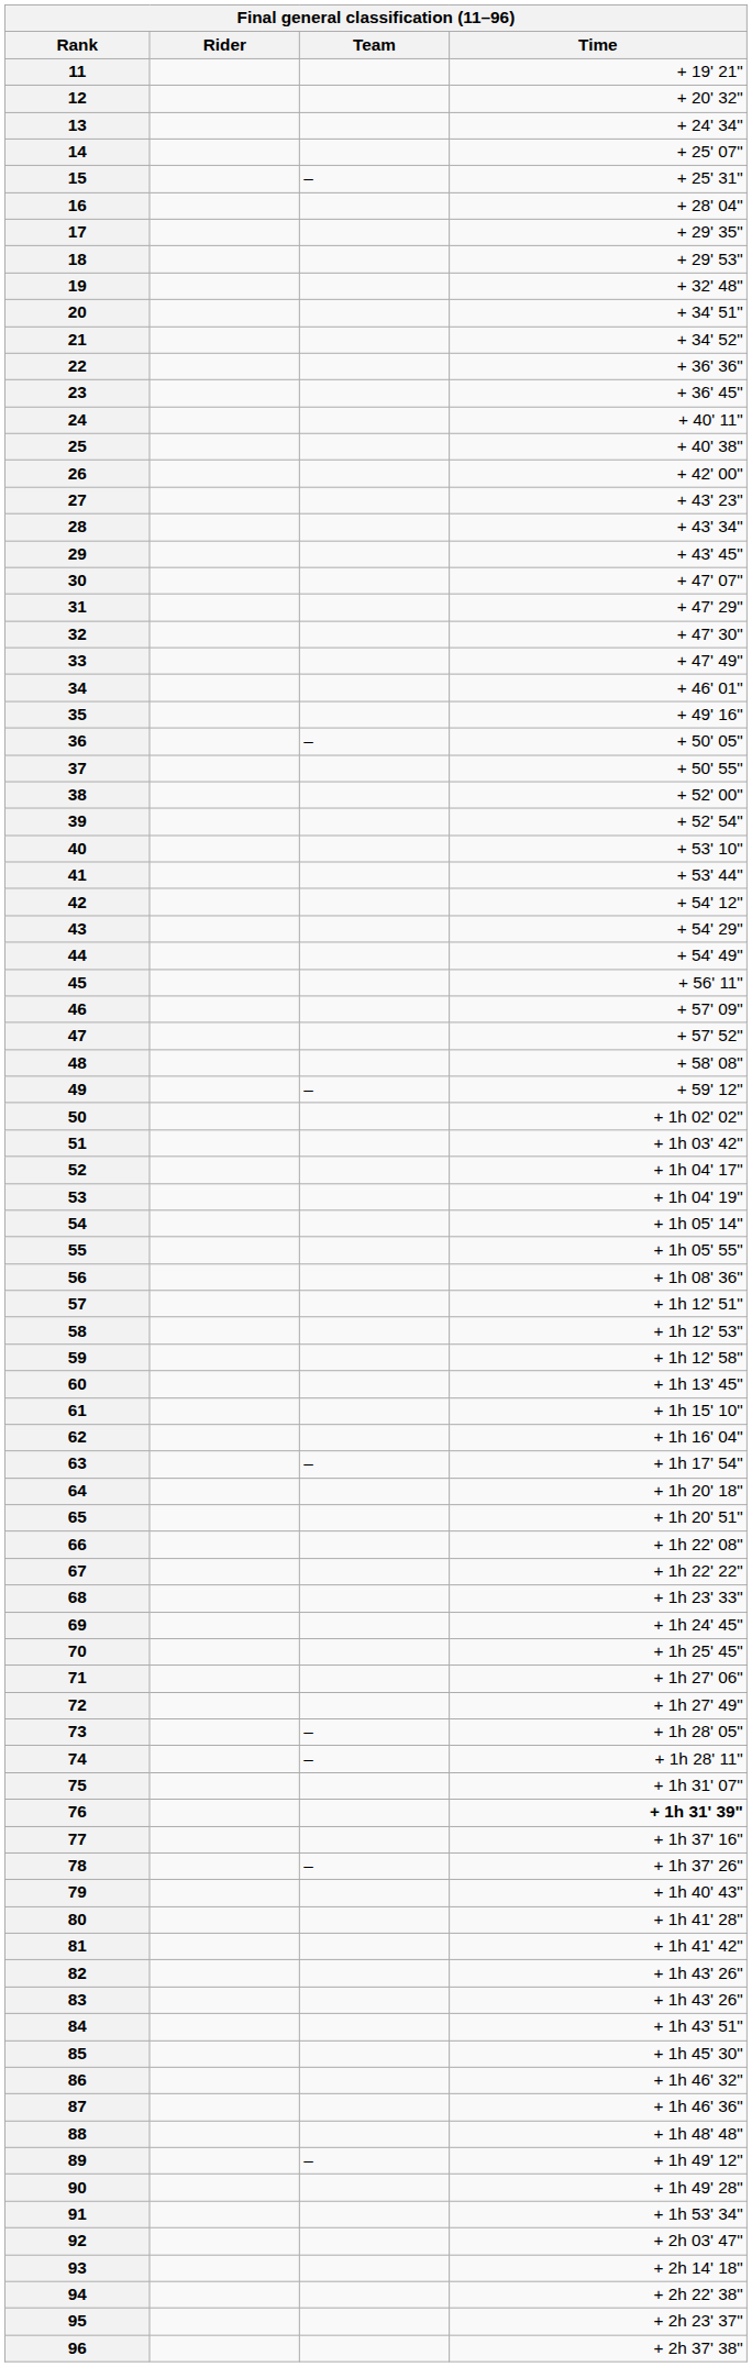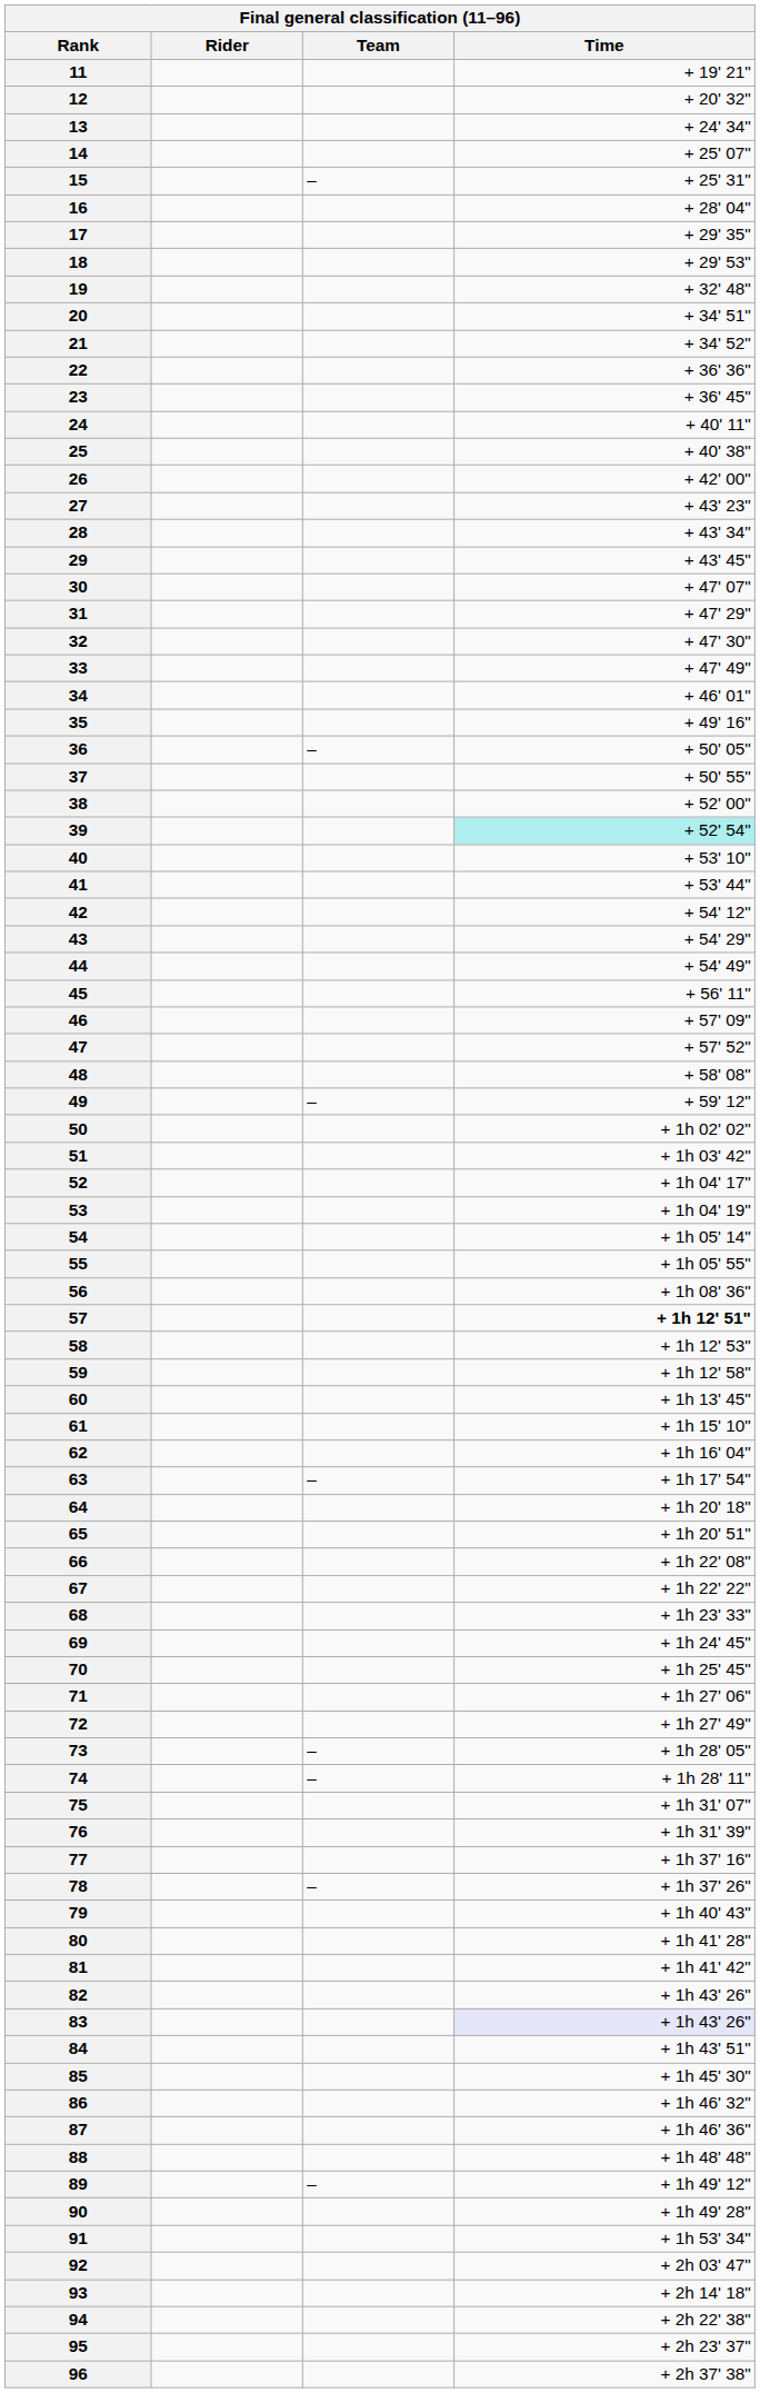 <table class="collapsible collapsed wikitable" style="width:44em;margin-top:-1px;">
 <tr>
 <th scope="col" colspan="4">Final general classification (11–96)</th>
 </tr>
 <tr>
 <th scope="col">Rank</th>
 <th scope="col">Rider</th>
 <th scope="col">Team</th>
 <th scope="col">Time</th>
 </tr>
 <tr>
 <th scope="row">11</th>
 <td></td>
 <td></td>
 <td style="text-align:right;">+ 19' 21"</td>
 </tr>
 <tr>
 <th scope="row">12</th>
 <td></td>
 <td></td>
 <td style="text-align:right;">+ 20' 32"</td>
 </tr>
 <tr>
 <th scope="row">13</th>
 <td></td>
 <td></td>
 <td style="text-align:right;">+ 24' 34"</td>
 </tr>
 <tr>
 <th scope="row">14</th>
 <td></td>
 <td></td>
 <td style="text-align:right;">+ 25' 07"</td>
 </tr>
 <tr>
 <th scope="row">15</th>
 <td></td>
 <td>–</td>
 <td style="text-align:right;">+ 25' 31"</td>
 </tr>
 <tr>
 <th scope="row">16</th>
 <td></td>
 <td></td>
 <td style="text-align:right;">+ 28' 04"</td>
 </tr>
 <tr>
 <th scope="row">17</th>
 <td></td>
 <td></td>
 <td style="text-align:right;">+ 29' 35"</td>
 </tr>
 <tr>
 <th scope="row">18</th>
 <td></td>
 <td></td>
 <td style="text-align:right;">+ 29' 53"</td>
 </tr>
 <tr>
 <th scope="row">19</th>
 <td></td>
 <td></td>
 <td style="text-align:right;">+ 32' 48"</td>
 </tr>
 <tr>
 <th scope="row">20</th>
 <td></td>
 <td></td>
 <td style="text-align:right;">+ 34' 51"</td>
 </tr>
 <tr>
 <th scope="row">21</th>
 <td></td>
 <td></td>
 <td style="text-align:right;">+ 34' 52"</td>
 </tr>
 <tr>
 <th scope="row">22</th>
 <td></td>
 <td></td>
 <td style="text-align:right;">+ 36' 36"</td>
 </tr>
 <tr>
 <th scope="row">23</th>
 <td></td>
 <td></td>
 <td style="text-align:right;">+ 36' 45"</td>
 </tr>
 <tr>
 <th scope="row">24</th>
 <td></td>
 <td></td>
 <td style="text-align:right;">+ 40' 11"</td>
 </tr>
 <tr>
 <th scope="row">25</th>
 <td></td>
 <td></td>
 <td style="text-align:right;">+ 40' 38"</td>
 </tr>
 <tr>
 <th scope="row">26</th>
 <td></td>
 <td></td>
 <td style="text-align:right;">+ 42' 00"</td>
 </tr>
 <tr>
 <th scope="row">27</th>
 <td></td>
 <td></td>
 <td style="text-align:right;">+ 43' 23"</td>
 </tr>
 <tr>
 <th scope="row">28</th>
 <td></td>
 <td></td>
 <td style="text-align:right;">+ 43' 34"</td>
 </tr>
 <tr>
 <th scope="row">29</th>
 <td></td>
 <td></td>
 <td style="text-align:right;">+ 43' 45"</td>
 </tr>
 <tr>
 <th scope="row">30</th>
 <td></td>
 <td></td>
 <td style="text-align:right;">+ 47' 07"</td>
 </tr>
 <tr>
 <th scope="row">31</th>
 <td></td>
 <td></td>
 <td style="text-align:right;">+ 47' 29"</td>
 </tr>
 <tr>
 <th scope="row">32</th>
 <td></td>
 <td></td>
 <td style="text-align:right;">+ 47' 30"</td>
 </tr>
 <tr>
 <th scope="row">33</th>
 <td></td>
 <td></td>
 <td style="text-align:right;">+ 47' 49"</td>
 </tr>
 <tr>
 <th scope="row">34</th>
 <td></td>
 <td></td>
 <td style="text-align:right;">+ 46' 01"</td>
 </tr>
 <tr>
 <th scope="row">35</th>
 <td></td>
 <td></td>
 <td style="text-align:right;">+ 49' 16"</td>
 </tr>
 <tr>
 <th scope="row">36</th>
 <td></td>
 <td>–</td>
 <td style="text-align:right;">+ 50' 05"</td>
 </tr>
 <tr>
 <th scope="row">37</th>
 <td></td>
 <td></td>
 <td style="text-align:right;">+ 50' 55"</td>
 </tr>
 <tr>
 <th scope="row">38</th>
 <td></td>
 <td></td>
 <td style="text-align:right;">+ 52' 00"</td>
 </tr>
 <tr>
 <th scope="row">39</th>
 <td></td>
 <td></td>
-<td style="text-align:right;">+ 52' 54"</td>
+<td style="background: paleturquoise; text-align:right;">+ 52' 54"</td>
 </tr>
 <tr>
 <th scope="row">40</th>
 <td></td>
 <td></td>
 <td style="text-align:right;">+ 53' 10"</td>
 </tr>
 <tr>
 <th scope="row">41</th>
 <td></td>
 <td></td>
 <td style="text-align:right;">+ 53' 44"</td>
 </tr>
 <tr>
 <th scope="row">42</th>
 <td></td>
 <td></td>
 <td style="text-align:right;">+ 54' 12"</td>
 </tr>
 <tr>
 <th scope="row">43</th>
 <td></td>
 <td></td>
 <td style="text-align:right;">+ 54' 29"</td>
 </tr>
 <tr>
 <th scope="row">44</th>
 <td></td>
 <td></td>
 <td style="text-align:right;">+ 54' 49"</td>
 </tr>
 <tr>
 <th scope="row">45</th>
 <td></td>
 <td></td>
 <td style="text-align:right;">+ 56' 11"</td>
 </tr>
 <tr>
 <th scope="row">46</th>
 <td></td>
 <td></td>
 <td style="text-align:right;">+ 57' 09"</td>
 </tr>
 <tr>
 <th scope="row">47</th>
 <td></td>
 <td></td>
 <td style="text-align:right;">+ 57' 52"</td>
 </tr>
 <tr>
 <th scope="row">48</th>
 <td></td>
 <td></td>
 <td style="text-align:right;">+ 58' 08"</td>
 </tr>
 <tr>
 <th scope="row">49</th>
 <td></td>
 <td>–</td>
 <td style="text-align:right;">+ 59' 12"</td>
 </tr>
 <tr>
 <th scope="row">50</th>
 <td></td>
 <td></td>
 <td style="text-align:right;">+ 1h 02' 02"</td>
 </tr>
 <tr>
 <th scope="row">51</th>
 <td></td>
 <td></td>
 <td style="text-align:right;">+ 1h 03' 42"</td>
 </tr>
 <tr>
 <th scope="row">52</th>
 <td></td>
 <td></td>
 <td style="text-align:right;">+ 1h 04' 17"</td>
 </tr>
 <tr>
 <th scope="row">53</th>
 <td></td>
 <td></td>
 <td style="text-align:right;">+ 1h 04' 19"</td>
 </tr>
 <tr>
 <th scope="row">54</th>
 <td></td>
 <td></td>
 <td style="text-align:right;">+ 1h 05' 14"</td>
 </tr>
 <tr>
 <th scope="row">55</th>
 <td></td>
 <td></td>
 <td style="text-align:right;">+ 1h 05' 55"</td>
 </tr>
 <tr>
 <th scope="row">56</th>
 <td></td>
 <td></td>
 <td style="text-align:right;">+ 1h 08' 36"</td>
 </tr>
 <tr>
 <th scope="row">57</th>
 <td></td>
 <td></td>
-<td style="text-align:right;">+ 1h 12' 51"</td>
+<td style="text-align:right;"><strong>+ 1h 12' 51"</strong></td>
 </tr>
 <tr>
 <th scope="row">58</th>
 <td></td>
 <td></td>
 <td style="text-align:right;">+ 1h 12' 53"</td>
 </tr>
 <tr>
 <th scope="row">59</th>
 <td></td>
 <td></td>
 <td style="text-align:right;">+ 1h 12' 58"</td>
 </tr>
 <tr>
 <th scope="row">60</th>
 <td></td>
 <td></td>
 <td style="text-align:right;">+ 1h 13' 45"</td>
 </tr>
 <tr>
 <th scope="row">61</th>
 <td></td>
 <td></td>
 <td style="text-align:right;">+ 1h 15' 10"</td>
 </tr>
 <tr>
 <th scope="row">62</th>
 <td></td>
 <td></td>
 <td style="text-align:right;">+ 1h 16' 04"</td>
 </tr>
 <tr>
 <th scope="row">63</th>
 <td></td>
 <td>–</td>
 <td style="text-align:right;">+ 1h 17' 54"</td>
 </tr>
 <tr>
 <th scope="row">64</th>
 <td></td>
 <td></td>
 <td style="text-align:right;">+ 1h 20' 18"</td>
 </tr>
 <tr>
 <th scope="row">65</th>
 <td></td>
 <td></td>
 <td style="text-align:right;">+ 1h 20' 51"</td>
 </tr>
 <tr>
 <th scope="row">66</th>
 <td></td>
 <td></td>
 <td style="text-align:right;">+ 1h 22' 08"</td>
 </tr>
 <tr>
 <th scope="row">67</th>
 <td></td>
 <td></td>
 <td style="text-align:right;">+ 1h 22' 22"</td>
 </tr>
 <tr>
 <th scope="row">68</th>
 <td></td>
 <td></td>
 <td style="text-align:right;">+ 1h 23' 33"</td>
 </tr>
 <tr>
 <th scope="row">69</th>
 <td></td>
 <td></td>
 <td style="text-align:right;">+ 1h 24' 45"</td>
 </tr>
 <tr>
 <th scope="row">70</th>
 <td></td>
 <td></td>
 <td style="text-align:right;">+ 1h 25' 45"</td>
 </tr>
 <tr>
 <th scope="row">71</th>
 <td></td>
 <td></td>
 <td style="text-align:right;">+ 1h 27' 06"</td>
 </tr>
 <tr>
 <th scope="row">72</th>
 <td></td>
 <td></td>
 <td style="text-align:right;">+ 1h 27' 49"</td>
 </tr>
 <tr>
 <th scope="row">73</th>
 <td></td>
 <td>–</td>
 <td style="text-align:right;">+ 1h 28' 05"</td>
 </tr>
 <tr>
 <th scope="row">74</th>
 <td></td>
 <td>–</td>
 <td style="text-align:right;">+ 1h 28' 11"</td>
 </tr>
 <tr>
 <th scope="row">75</th>
 <td></td>
 <td></td>
 <td style="text-align:right;">+ 1h 31' 07"</td>
 </tr>
 <tr>
 <th scope="row">76</th>
 <td></td>
 <td></td>
-<td style="text-align:right;"><strong>+ 1h 31' 39"</strong></td>
+<td style="text-align:right;">+ 1h 31' 39"</td>
 </tr>
 <tr>
 <th scope="row">77</th>
 <td></td>
 <td></td>
 <td style="text-align:right;">+ 1h 37' 16"</td>
 </tr>
 <tr>
 <th scope="row">78</th>
 <td></td>
 <td>–</td>
 <td style="text-align:right;">+ 1h 37' 26"</td>
 </tr>
 <tr>
 <th scope="row">79</th>
 <td></td>
 <td></td>
 <td style="text-align:right;">+ 1h 40' 43"</td>
 </tr>
 <tr>
 <th scope="row">80</th>
 <td></td>
 <td></td>
 <td style="text-align:right;">+ 1h 41' 28"</td>
 </tr>
 <tr>
 <th scope="row">81</th>
 <td></td>
 <td></td>
 <td style="text-align:right;">+ 1h 41' 42"</td>
 </tr>
 <tr>
 <th scope="row">82</th>
 <td></td>
 <td></td>
 <td style="text-align:right;">+ 1h 43' 26"</td>
 </tr>
 <tr>
 <th scope="row">83</th>
 <td></td>
 <td></td>
-<td style="text-align:right;">+ 1h 43' 26"</td>
+<td style="background: lavender; text-align:right;">+ 1h 43' 26"</td>
 </tr>
 <tr>
 <th scope="row">84</th>
 <td></td>
 <td></td>
 <td style="text-align:right;">+ 1h 43' 51"</td>
 </tr>
 <tr>
 <th scope="row">85</th>
 <td></td>
 <td></td>
 <td style="text-align:right;">+ 1h 45' 30"</td>
 </tr>
 <tr>
 <th scope="row">86</th>
 <td></td>
 <td></td>
 <td style="text-align:right;">+ 1h 46' 32"</td>
 </tr>
 <tr>
 <th scope="row">87</th>
 <td></td>
 <td></td>
 <td style="text-align:right;">+ 1h 46' 36"</td>
 </tr>
 <tr>
 <th scope="row">88</th>
 <td></td>
 <td></td>
 <td style="text-align:right;">+ 1h 48' 48"</td>
 </tr>
 <tr>
 <th scope="row">89</th>
 <td></td>
 <td>–</td>
 <td style="text-align:right;">+ 1h 49' 12"</td>
 </tr>
 <tr>
 <th scope="row">90</th>
 <td></td>
 <td></td>
 <td style="text-align:right;">+ 1h 49' 28"</td>
 </tr>
 <tr>
 <th scope="row">91</th>
 <td></td>
 <td></td>
 <td style="text-align:right;">+ 1h 53' 34"</td>
 </tr>
 <tr>
 <th scope="row">92</th>
 <td></td>
 <td></td>
 <td style="text-align:right;">+ 2h 03' 47"</td>
 </tr>
 <tr>
 <th scope="row">93</th>
 <td></td>
 <td></td>
 <td style="text-align:right;">+ 2h 14' 18"</td>
 </tr>
 <tr>
 <th scope="row">94</th>
 <td></td>
 <td></td>
 <td style="text-align:right;">+ 2h 22' 38"</td>
 </tr>
 <tr>
 <th scope="row">95</th>
 <td></td>
 <td></td>
 <td style="text-align:right;">+ 2h 23' 37"</td>
 </tr>
 <tr>
 <th scope="row">96</th>
 <td></td>
 <td></td>
 <td style="text-align:right;">+ 2h 37' 38"</td>
 </tr>
 </table>
